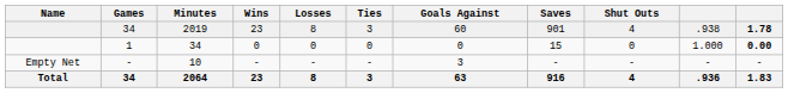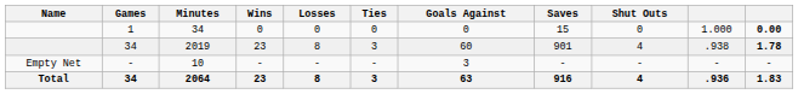 <table class="wikitable sortable" width ="1000">
 <tr align="center">
 <th>Name</th>
 <th>Games</th>
 <th>Minutes</th>
 <th>Wins</th>
 <th>Losses</th>
 <th>Ties</th>
 <th>Goals Against</th>
 <th>Saves</th>
 <th>Shut Outs</th>
 <th><a href='#'></a></th>
 <th><a href='#'></a></th>
 </tr>
+<tr align="center">
+<td></td>
+<td>1</td>
+<td>34</td>
+<td>0</td>
+<td>0</td>
+<td>0</td>
+<td>0</td>
+<td>15</td>
+<td>0</td>
+<td>1.000</td>
+<td><strong>0.00</strong></td>
+</tr>
 <tr align="center" bgcolor="#f0f0f0">
 <td></td>
 <td>34</td>
 <td>2019</td>
 <td>23</td>
 <td>8</td>
 <td>3</td>
 <td>60</td>
 <td>901</td>
 <td>4</td>
 <td>.938</td>
 <td><strong>1.78</strong></td>
-</tr>
-<tr align="center">
-<td></td>
-<td>1</td>
-<td>34</td>
-<td>0</td>
-<td>0</td>
-<td>0</td>
-<td>0</td>
-<td>15</td>
-<td>0</td>
-<td>1.000</td>
-<td><strong>0.00</strong></td>
 </tr>
 <tr align="center" bgcolor="">
 <td>Empty Net</td>
 <td>-</td>
 <td>10</td>
 <td>-</td>
 <td>-</td>
 <td>-</td>
 <td>3</td>
 <td>-</td>
 <td>-</td>
 <td>-</td>
 <td>-</td>
 </tr>
 <tr>
 <th>Total</th>
 <th>34</th>
 <th>2064</th>
 <th>23</th>
 <th>8</th>
 <th>3</th>
 <th>63</th>
 <th>916</th>
 <th>4</th>
 <th>.936</th>
 <th>1.83</th>
 </tr>
 </table>
